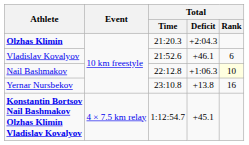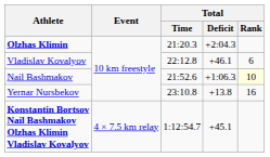 <table class="wikitable" style="font-size:90%">
 <tr>
 <th rowspan=2>Athlete</th>
 <th rowspan=2>Event</th>
 <th colspan=3>Total</th>
 </tr>
 <tr style="font-size: 95%">
 <th>Time</th>
 <th>Deficit</th>
 <th>Rank</th>
 </tr>
 <tr align=center>
 <td align=left><strong><a href='#'>Olzhas Klimin</a></strong></td>
 <td align=left rowspan=4><a href='#'>10 km freestyle</a></td>
 <td>21:20.3</td>
 <td>+2:04.3</td>
 <td></td>
 </tr>
 <tr align=center>
 <td align=left><a href='#'>Vladislav Kovalyov</a></td>
-<td>21:52.6</td>
+<td>22:12.8</td>
 <td>+46.1</td>
 <td>6</td>
 </tr>
 <tr align=center>
 <td align=left><a href='#'>Nail Bashmakov</a></td>
-<td>22:12.8</td>
+<td>21:52.6</td>
 <td>+1:06.3</td>
 <td style="background: lightyellow;">10</td>
 </tr>
 <tr align=center>
 <td align=left><a href='#'>Yernar Nursbekov</a></td>
 <td>23:10.8</td>
 <td>+13.8</td>
 <td>16</td>
 </tr>
 <tr align=center>
 <td align=left><strong><a href='#'>Konstantin Bortsov</a><br><a href='#'>Nail Bashmakov</a><br><a href='#'>Olzhas Klimin</a><br><a href='#'>Vladislav Kovalyov</a></strong></td>
 <td align=left><a href='#'>4 × 7.5 km relay</a></td>
 <td>1:12:54.7</td>
 <td>+45.1</td>
 <td></td>
 </tr>
 </table>
